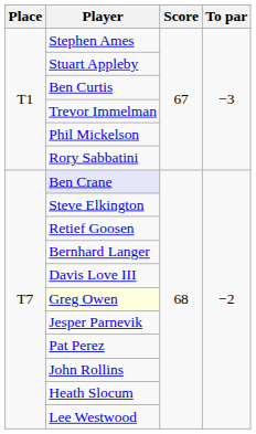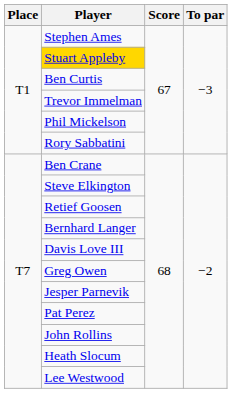 <table class="wikitable">
 <tr>
 <th>Place</th>
 <th>Player</th>
 <th>Score</th>
 <th>To par</th>
 </tr>
 <tr>
 <td rowspan="6" style="text-align:center;">T1</td>
 <td> <a href='#'>Stephen Ames</a></td>
 <td rowspan="6" style="text-align:center;">67</td>
 <td rowspan="6" style="text-align:center;">−3</td>
 </tr>
 <tr>
-<td> <a href='#'>Stuart Appleby</a></td>
+<td style="background: gold;"> <a href='#'>Stuart Appleby</a></td>
 </tr>
 <tr>
 <td> <a href='#'>Ben Curtis</a></td>
 </tr>
 <tr>
 <td> <a href='#'>Trevor Immelman</a></td>
 </tr>
 <tr>
 <td> <a href='#'>Phil Mickelson</a></td>
 </tr>
 <tr>
 <td> <a href='#'>Rory Sabbatini</a></td>
 </tr>
 <tr>
 <td rowspan="11" style="text-align:center;">T7</td>
-<td style="background: lavender;"> <a href='#'>Ben Crane</a></td>
+<td> <a href='#'>Ben Crane</a></td>
 <td rowspan="11" style="text-align:center;">68</td>
 <td rowspan="11" style="text-align:center;">−2</td>
 </tr>
 <tr>
 <td> <a href='#'>Steve Elkington</a></td>
 </tr>
 <tr>
 <td> <a href='#'>Retief Goosen</a></td>
 </tr>
 <tr>
 <td> <a href='#'>Bernhard Langer</a></td>
 </tr>
 <tr>
 <td> <a href='#'>Davis Love III</a></td>
 </tr>
 <tr>
-<td style="background: lightyellow;"> <a href='#'>Greg Owen</a></td>
+<td> <a href='#'>Greg Owen</a></td>
 </tr>
 <tr>
 <td> <a href='#'>Jesper Parnevik</a></td>
 </tr>
 <tr>
 <td> <a href='#'>Pat Perez</a></td>
 </tr>
 <tr>
 <td> <a href='#'>John Rollins</a></td>
 </tr>
 <tr>
 <td> <a href='#'>Heath Slocum</a></td>
 </tr>
 <tr>
 <td> <a href='#'>Lee Westwood</a></td>
 </tr>
 </table>
